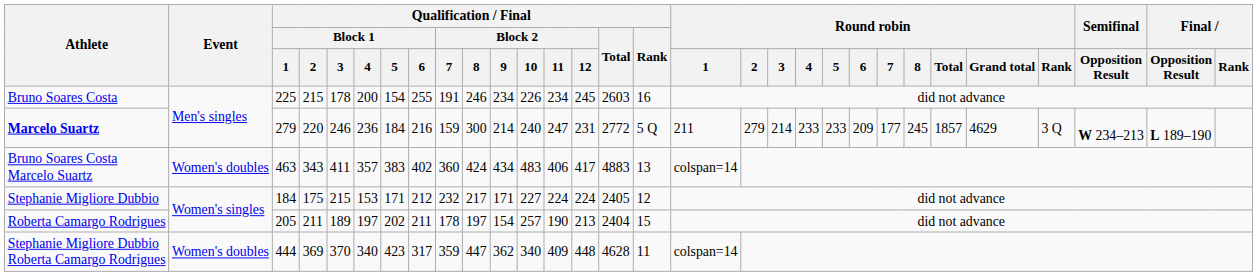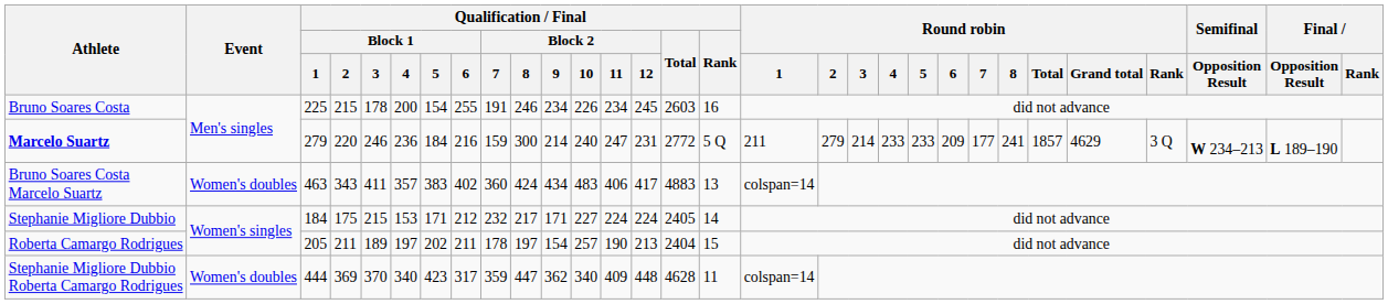 <table class="wikitable" border="1" style="font-size:90%">
 <tr>
 <th rowspan=3>Athlete</th>
 <th rowspan=3>Event</th>
 <th colspan=14>Qualification / Final</th>
 <th colspan=11 rowspan=2>Round robin</th>
 <th rowspan=2>Semifinal</th>
 <th rowspan=2 colspan=2>Final / </th>
 </tr>
 <tr style=font-size:95%>
 <th colspan=6>Block 1</th>
 <th colspan=6>Block 2</th>
 <th rowspan=2>Total</th>
 <th rowspan=2>Rank</th>
 </tr>
 <tr style=font-size:95%>
 <th>1</th>
 <th>2</th>
 <th>3</th>
 <th>4</th>
 <th>5</th>
 <th>6</th>
 <th>7</th>
 <th>8</th>
 <th>9</th>
 <th>10</th>
 <th>11</th>
 <th>12</th>
 <th>1</th>
 <th>2</th>
 <th>3</th>
 <th>4</th>
 <th>5</th>
 <th>6</th>
 <th>7</th>
 <th>8</th>
 <th>Total</th>
 <th>Grand total</th>
 <th>Rank</th>
 <th>Opposition<br>Result</th>
 <th>Opposition<br>Result</th>
 <th>Rank</th>
 </tr>
 <tr>
 <td align=left><a href='#'>Bruno Soares Costa</a></td>
 <td align=left rowspan=2><a href='#'>Men's singles</a></td>
 <td>225</td>
 <td>215</td>
 <td>178</td>
 <td>200</td>
 <td>154</td>
 <td>255</td>
 <td>191</td>
 <td>246</td>
 <td>234</td>
 <td>226</td>
 <td>234</td>
 <td>245</td>
 <td>2603</td>
 <td>16</td>
 <td align="center" colspan="14">did not advance</td>
 </tr>
 <tr>
 <td align=left><strong><a href='#'>Marcelo Suartz</a></strong></td>
 <td>279</td>
 <td>220</td>
 <td>246</td>
 <td>236</td>
 <td>184</td>
 <td>216</td>
 <td>159</td>
 <td>300</td>
 <td>214</td>
 <td>240</td>
 <td>247</td>
 <td>231</td>
 <td>2772</td>
 <td>5 Q</td>
 <td>211</td>
 <td>279</td>
 <td>214</td>
 <td>233</td>
 <td>233</td>
 <td>209</td>
 <td>177</td>
-<td>245</td>
+<td>241</td>
 <td>1857</td>
 <td>4629</td>
 <td>3 Q</td>
 <td><br><strong>W</strong> 234–213</td>
 <td><br><strong>L</strong> 189–190</td>
 <td></td>
 </tr>
 <tr>
 <td align=left><a href='#'>Bruno Soares Costa</a><br><a href='#'>Marcelo Suartz</a></td>
 <td align=left><a href='#'>Women's doubles</a></td>
 <td>463</td>
 <td>343</td>
 <td>411</td>
 <td>357</td>
 <td>383</td>
 <td>402</td>
 <td>360</td>
 <td>424</td>
 <td>434</td>
 <td>483</td>
 <td>406</td>
 <td>417</td>
 <td>4883</td>
 <td>13</td>
 <td>colspan=14 </td>
 </tr>
 <tr>
 <td align=left><a href='#'>Stephanie Migliore Dubbio</a></td>
 <td align=left rowspan=2><a href='#'>Women's singles</a></td>
 <td>184</td>
 <td>175</td>
 <td>215</td>
 <td>153</td>
 <td>171</td>
 <td>212</td>
 <td>232</td>
 <td>217</td>
 <td>171</td>
 <td>227</td>
 <td>224</td>
 <td>224</td>
 <td>2405</td>
-<td>12</td>
+<td>14</td>
 <td align="center" colspan="14">did not advance</td>
 </tr>
 <tr>
 <td align=left><a href='#'>Roberta Camargo Rodrigues</a></td>
 <td>205</td>
 <td>211</td>
 <td>189</td>
 <td>197</td>
 <td>202</td>
 <td>211</td>
 <td>178</td>
 <td>197</td>
 <td>154</td>
 <td>257</td>
 <td>190</td>
 <td>213</td>
 <td>2404</td>
 <td>15</td>
 <td align="center" colspan="14">did not advance</td>
 </tr>
 <tr>
 <td align=left><a href='#'>Stephanie Migliore Dubbio</a><br><a href='#'>Roberta Camargo Rodrigues</a></td>
 <td align=left><a href='#'>Women's doubles</a></td>
 <td>444</td>
 <td>369</td>
 <td>370</td>
 <td>340</td>
 <td>423</td>
 <td>317</td>
 <td>359</td>
 <td>447</td>
 <td>362</td>
 <td>340</td>
 <td>409</td>
 <td>448</td>
 <td>4628</td>
 <td>11</td>
 <td>colspan=14 </td>
 </tr>
 </table>
